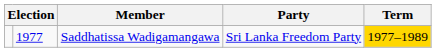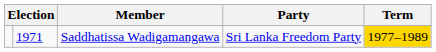 <table class="wikitable">
 <tr>
 <th colspan="2">Election</th>
 <th>Member</th>
 <th>Party</th>
 <th>Term</th>
 </tr>
 <tr>
 <td style="background-color: "></td>
-<td><a href='#'>1977</a></td>
+<td><a href='#'>1971</a></td>
 <td><a href='#'>Saddhatissa Wadigamangawa</a></td>
 <td><a href='#'>Sri Lanka Freedom Party</a></td>
 <td style="background: gold;">1977–1989</td>
 </tr>
 </table>
